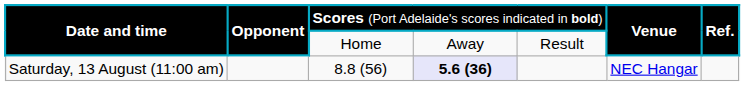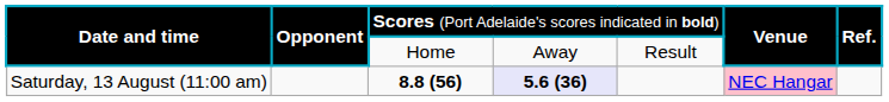 <table class="wikitable" style="font-size:90%; text-align:center;">
 <tr>
 <td style="background:black; color:white; border: solid #06AAC5 2px" rowspan=2><strong>Date and time</strong></td>
 <td style="background:black; color:white; border: solid #06AAC5 2px" rowspan=2><strong>Opponent</strong></td>
 <td style="background:black; color:white; border: solid #06AAC5 2px" colspan=3><strong>Scores</strong> <small>(Port Adelaide's scores indicated in <strong>bold</strong>)</small></td>
 <td style="background:black; color:white; border: solid #06AAC5 2px" rowspan=2><strong>Venue</strong></td>
 <td style="background:black; color:white; border: solid #06AAC5 2px" rowspan=2><strong>Ref.</strong></td>
 </tr>
 <tr>
 <td>Home</td>
 <td>Away</td>
 <td>Result</td>
 </tr>
 <tr>
 <td>Saturday, 13 August (11:00 am)</td>
 <td></td>
-<td>8.8 (56)</td>
+<td><strong>8.8 (56)</strong></td>
 <td style="background: lavender;"><strong>5.6 (36)</strong></td>
 <td></td>
-<td><a href='#'>NEC Hangar</a></td>
+<td style="background: pink;"><a href='#'>NEC Hangar</a></td>
 <td></td>
 </tr>
 </table>
